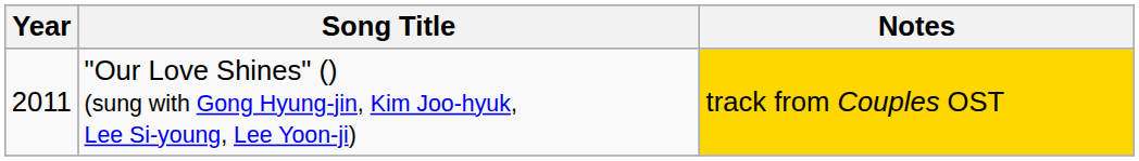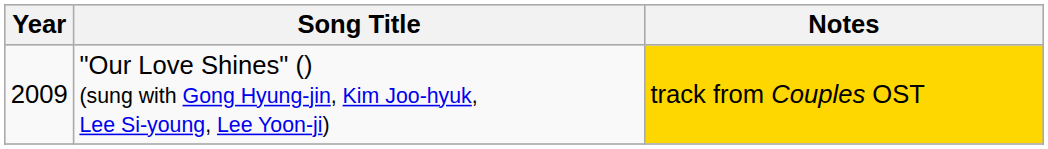 <table class="wikitable" style="width:650px">
 <tr>
 <th width=10>Year</th>
 <th>Song Title</th>
 <th>Notes</th>
 </tr>
 <tr>
-<td align="center">2011</td>
+<td align="center">2009</td>
 <td>"Our Love Shines" ()<br> <small>(sung with <a href='#'>Gong Hyung-jin</a>, <a href='#'>Kim Joo-hyuk</a>, <br> <a href='#'>Lee Si-young</a>, <a href='#'>Lee Yoon-ji</a>)</small></td>
 <td style="background: gold;">track from <em>Couples</em> OST</td>
 </tr>
 </table>
